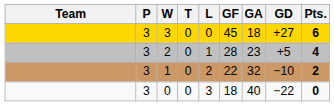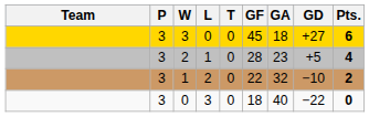 <table class="wikitable" style="margin: 1em auto;">
 <tr align=center bgcolor="lightsteelblue">
 <th width=165>Team</th>
 <th width=20>P</th>
 <th width=20>W</th>
+<th width=20>L</th>
 <th width=20>T</th>
-<th width=20>L</th>
 <th width=20>GF</th>
 <th width=20>GA</th>
 <th width=40>GD</th>
 <th width=20>Pts.</th>
 </tr>
 <tr align=center bgcolor=gold>
 <td style="text-align:left;"><strong></strong></td>
 <td>3</td>
 <td>3</td>
 <td>0</td>
 <td>0</td>
 <td>45</td>
 <td>18</td>
 <td>+27</td>
 <td><strong>6</strong></td>
 </tr>
 <tr align=center bgcolor=silver>
 <td style="text-align:left;"><strong></strong></td>
 <td>3</td>
 <td>2</td>
+<td>1</td>
 <td>0</td>
-<td>1</td>
 <td>28</td>
 <td>23</td>
 <td>+5</td>
 <td><strong>4</strong></td>
 </tr>
 <tr align=center bgcolor=#cc9966>
 <td style="text-align:left;"><strong></strong></td>
 <td>3</td>
 <td>1</td>
+<td>2</td>
 <td>0</td>
-<td>2</td>
 <td>22</td>
 <td>32</td>
 <td>−10</td>
 <td><strong>2</strong></td>
 </tr>
 <tr align=center>
 <td style="text-align:left;"></td>
 <td>3</td>
 <td>0</td>
+<td>3</td>
 <td>0</td>
-<td>3</td>
 <td>18</td>
 <td>40</td>
 <td>−22</td>
 <td><strong>0</strong></td>
 </tr>
 </table>
